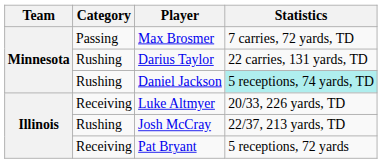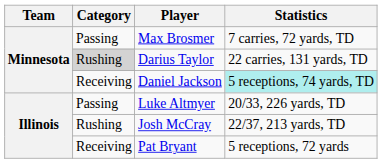 <table class="wikitable" style="float:right">
 <tr>
 <th>Team</th>
 <th>Category</th>
 <th>Player</th>
 <th>Statistics</th>
 </tr>
 <tr>
 <th rowspan=3>Minnesota</th>
 <td>Passing</td>
 <td><a href='#'>Max Brosmer</a></td>
 <td>7 carries, 72 yards, TD</td>
 </tr>
 <tr>
-<td>Rushing</td>
+<td style="background: lightgrey;">Rushing</td>
 <td><a href='#'>Darius Taylor</a></td>
 <td>22 carries, 131 yards, TD</td>
 </tr>
 <tr>
-<td>Rushing</td>
+<td>Receiving</td>
 <td><a href='#'>Daniel Jackson</a></td>
 <td style="background: paleturquoise;">5 receptions, 74 yards, TD</td>
 </tr>
 <tr>
 <th rowspan=3>Illinois</th>
-<td>Receiving</td>
+<td>Passing</td>
 <td><a href='#'>Luke Altmyer</a></td>
 <td>20/33, 226 yards, TD</td>
 </tr>
 <tr>
 <td>Rushing</td>
 <td><a href='#'>Josh McCray</a></td>
 <td>22/37, 213 yards, TD</td>
 </tr>
 <tr>
 <td>Receiving</td>
 <td><a href='#'>Pat Bryant</a></td>
 <td>5 receptions, 72 yards</td>
 </tr>
 </table>
